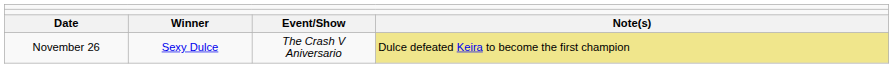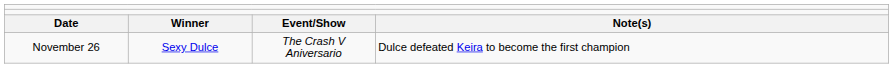 <table class="wikitable" style="text-align:center; width:100%;">
 <tr>
 <td colspan="5"></td>
 </tr>
 <tr>
 <td colspan="5"><strong></strong></td>
 </tr>
 <tr>
 <th width=14%>Date</th>
 <th width=14%>Winner</th>
 <th width=14%>Event/Show</th>
 <th width=58%>Note(s)</th>
 </tr>
 <tr>
 <td>November 26</td>
 <td><a href='#'>Sexy Dulce</a></td>
 <td><em>The Crash V Aniversario</em></td>
-<td align=left style="background: khaki;">Dulce defeated <a href='#'>Keira</a> to become the first champion</td>
+<td align=left>Dulce defeated <a href='#'>Keira</a> to become the first champion</td>
 </tr>
 </table>
